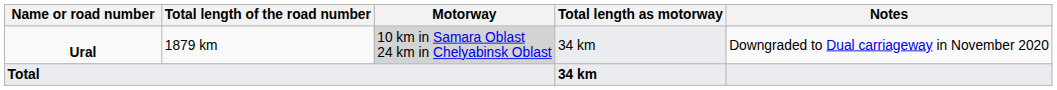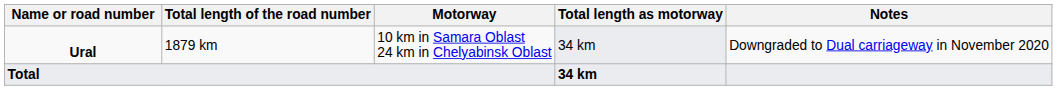 <table class="wikitable sortable">
 <tr>
 <th style="width:15%">Name or road number</th>
 <th>Total length of the road number</th>
 <th>Motorway</th>
 <th>Total length as motorway</th>
 <th>Notes</th>
 </tr>
 <tr>
 <td style="text-align:center"><br><strong>Ural</strong></td>
 <td>1879 km</td>
-<td style="background: lightgrey;">10 km in <a href='#'>Samara Oblast</a><br>24 km in <a href='#'>Chelyabinsk Oblast</a></td>
+<td>10 km in <a href='#'>Samara Oblast</a><br>24 km in <a href='#'>Chelyabinsk Oblast</a></td>
 <td style="background: #eaecf0">34 km</td>
 <td>Downgraded to <a href='#'>Dual carriageway</a> in November 2020</td>
 </tr>
 <tr>
 <td colspan="3"style="background: #eaecf0"><strong>Total</strong></td>
 <td style="background: #eaecf0"><strong>34 km</strong></td>
 <td style="background: #eaecf0"></td>
 </tr>
 </table>
